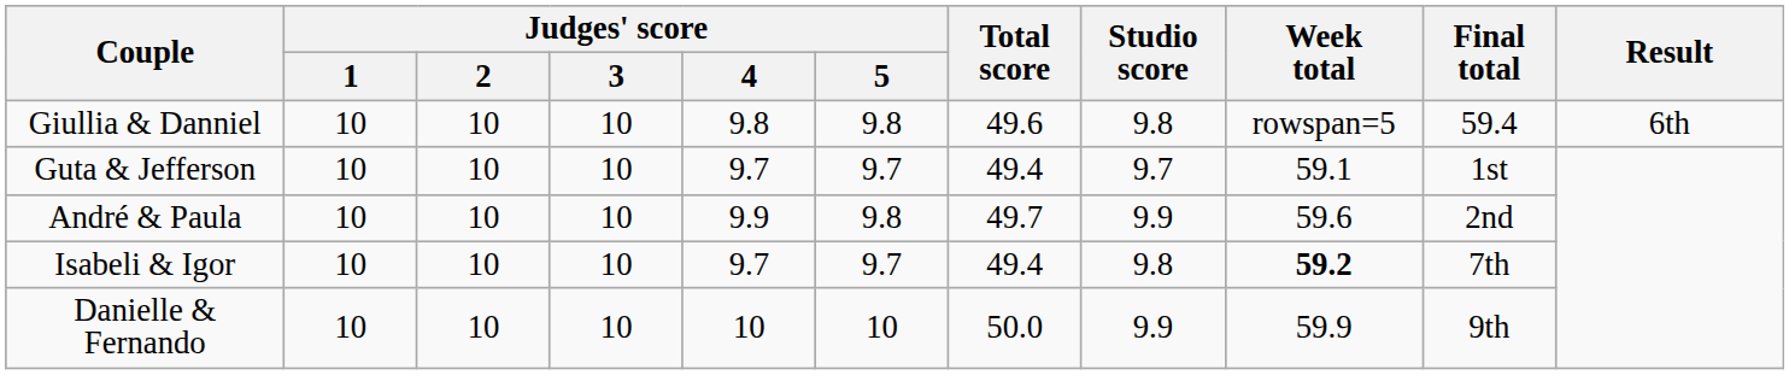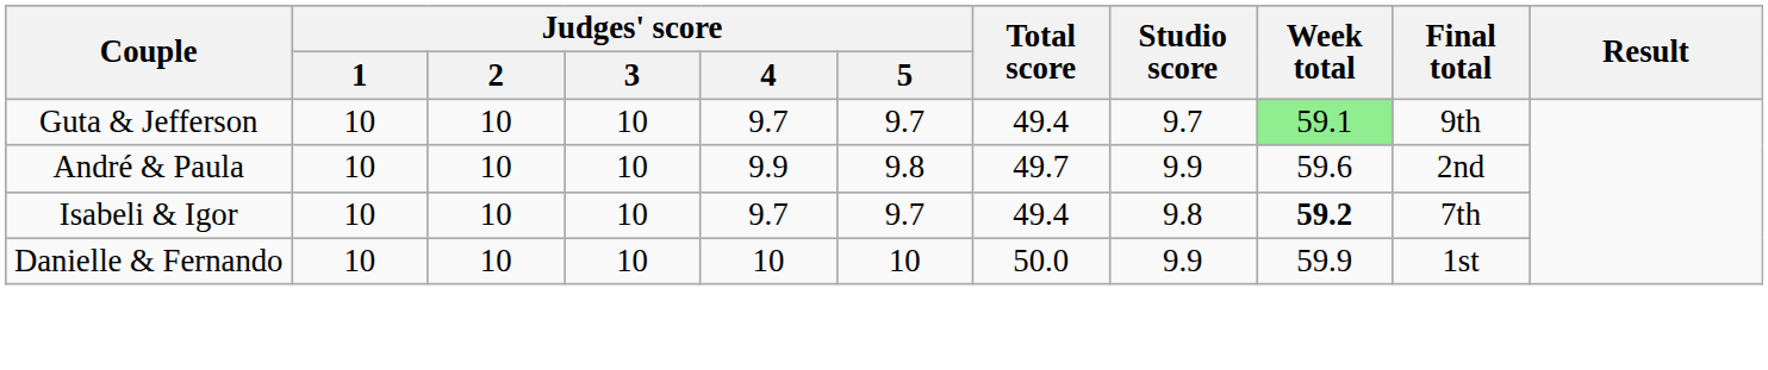 <table class="wikitable" style="font-size:100%; line-height:16px; text-align:center" width="100%">
 <tr>
 <th rowspan=2 width="11.00%">Couple</th>
 <th colspan=5>Judges' score</th>
 <th rowspan=2 width="05.25%">Total<br>score</th>
 <th rowspan=2 width="05.25%">Studio<br>score</th>
 <th rowspan=2 width="05.25%">Week<br>total</th>
 <th rowspan=2 width="05.25%">Final<br>total</th>
 <th rowspan=2 width="09.00%">Result<br></th>
 </tr>
 <tr>
 <th width="05.25%">1</th>
 <th width="05.25%">2</th>
 <th width="05.25%">3</th>
 <th width="05.25%">4</th>
 <th width="05.25%">5</th>
 </tr>
 <tr>
-<td>Giullia & Danniel</td>
-<td>10</td>
-<td>10</td>
-<td>10</td>
-<td>9.8</td>
-<td>9.8</td>
-<td>49.6</td>
-<td>9.8</td>
-<td>rowspan=5 </td>
-<td>59.4</td>
-<td>6th</td>
-</tr>
-<tr>
 <td>Guta & Jefferson</td>
 <td>10</td>
 <td>10</td>
 <td>10</td>
 <td>9.7</td>
 <td>9.7</td>
 <td>49.4</td>
 <td>9.7</td>
-<td>59.1</td>
-<td>1st</td>
+<td style="background: lightgreen;">59.1</td>
+<td>9th</td>
 </tr>
 <tr>
 <td>André & Paula</td>
 <td>10</td>
 <td>10</td>
 <td>10</td>
 <td>9.9</td>
 <td>9.8</td>
 <td>49.7</td>
 <td>9.9</td>
 <td>59.6</td>
 <td>2nd</td>
 </tr>
 <tr>
 <td>Isabeli & Igor</td>
 <td>10</td>
 <td>10</td>
 <td>10</td>
 <td>9.7</td>
 <td>9.7</td>
 <td>49.4</td>
 <td>9.8</td>
 <td><strong>59.2</strong></td>
 <td>7th</td>
 </tr>
 <tr>
 <td>Danielle & Fernando</td>
 <td>10</td>
 <td>10</td>
 <td>10</td>
 <td>10</td>
 <td>10</td>
 <td>50.0</td>
 <td>9.9</td>
 <td>59.9</td>
-<td>9th</td>
+<td>1st</td>
 </tr>
 </table>
